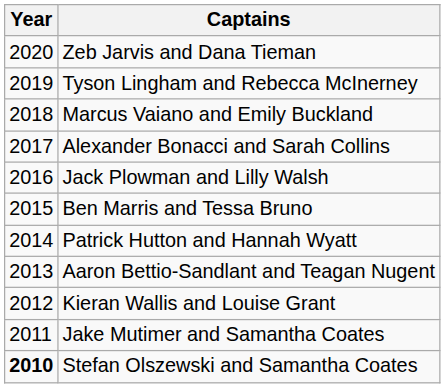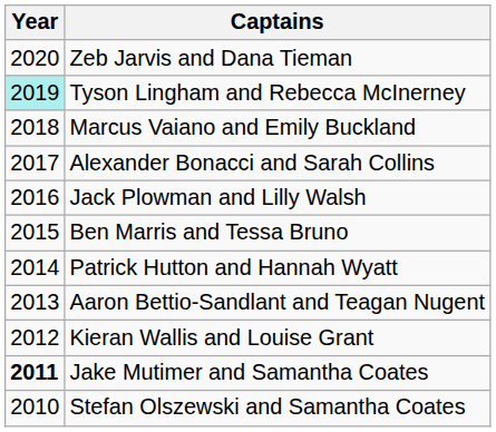 <table class="wikitable">
 <tr>
 <th>Year</th>
 <th>Captains</th>
 </tr>
 <tr>
 <td>2020</td>
 <td>Zeb Jarvis and Dana Tieman</td>
 </tr>
 <tr>
-<td>2019</td>
+<td style="background: paleturquoise;">2019</td>
 <td>Tyson Lingham and Rebecca McInerney</td>
 </tr>
 <tr>
 <td>2018</td>
 <td>Marcus Vaiano and Emily Buckland</td>
 </tr>
 <tr>
 <td>2017</td>
 <td>Alexander Bonacci and Sarah Collins</td>
 </tr>
 <tr>
 <td>2016</td>
 <td>Jack Plowman and Lilly Walsh</td>
 </tr>
 <tr>
 <td>2015</td>
 <td>Ben Marris and Tessa Bruno</td>
 </tr>
 <tr>
 <td>2014</td>
 <td>Patrick Hutton and Hannah Wyatt</td>
 </tr>
 <tr>
 <td>2013</td>
 <td>Aaron Bettio-Sandlant and Teagan Nugent</td>
 </tr>
 <tr>
 <td>2012</td>
 <td>Kieran Wallis and Louise Grant</td>
 </tr>
 <tr>
-<td>2011</td>
+<td><strong>2011</strong></td>
 <td>Jake Mutimer and Samantha Coates</td>
 </tr>
 <tr>
-<td><strong>2010</strong></td>
+<td>2010</td>
 <td>Stefan Olszewski and Samantha Coates</td>
 </tr>
 </table>
